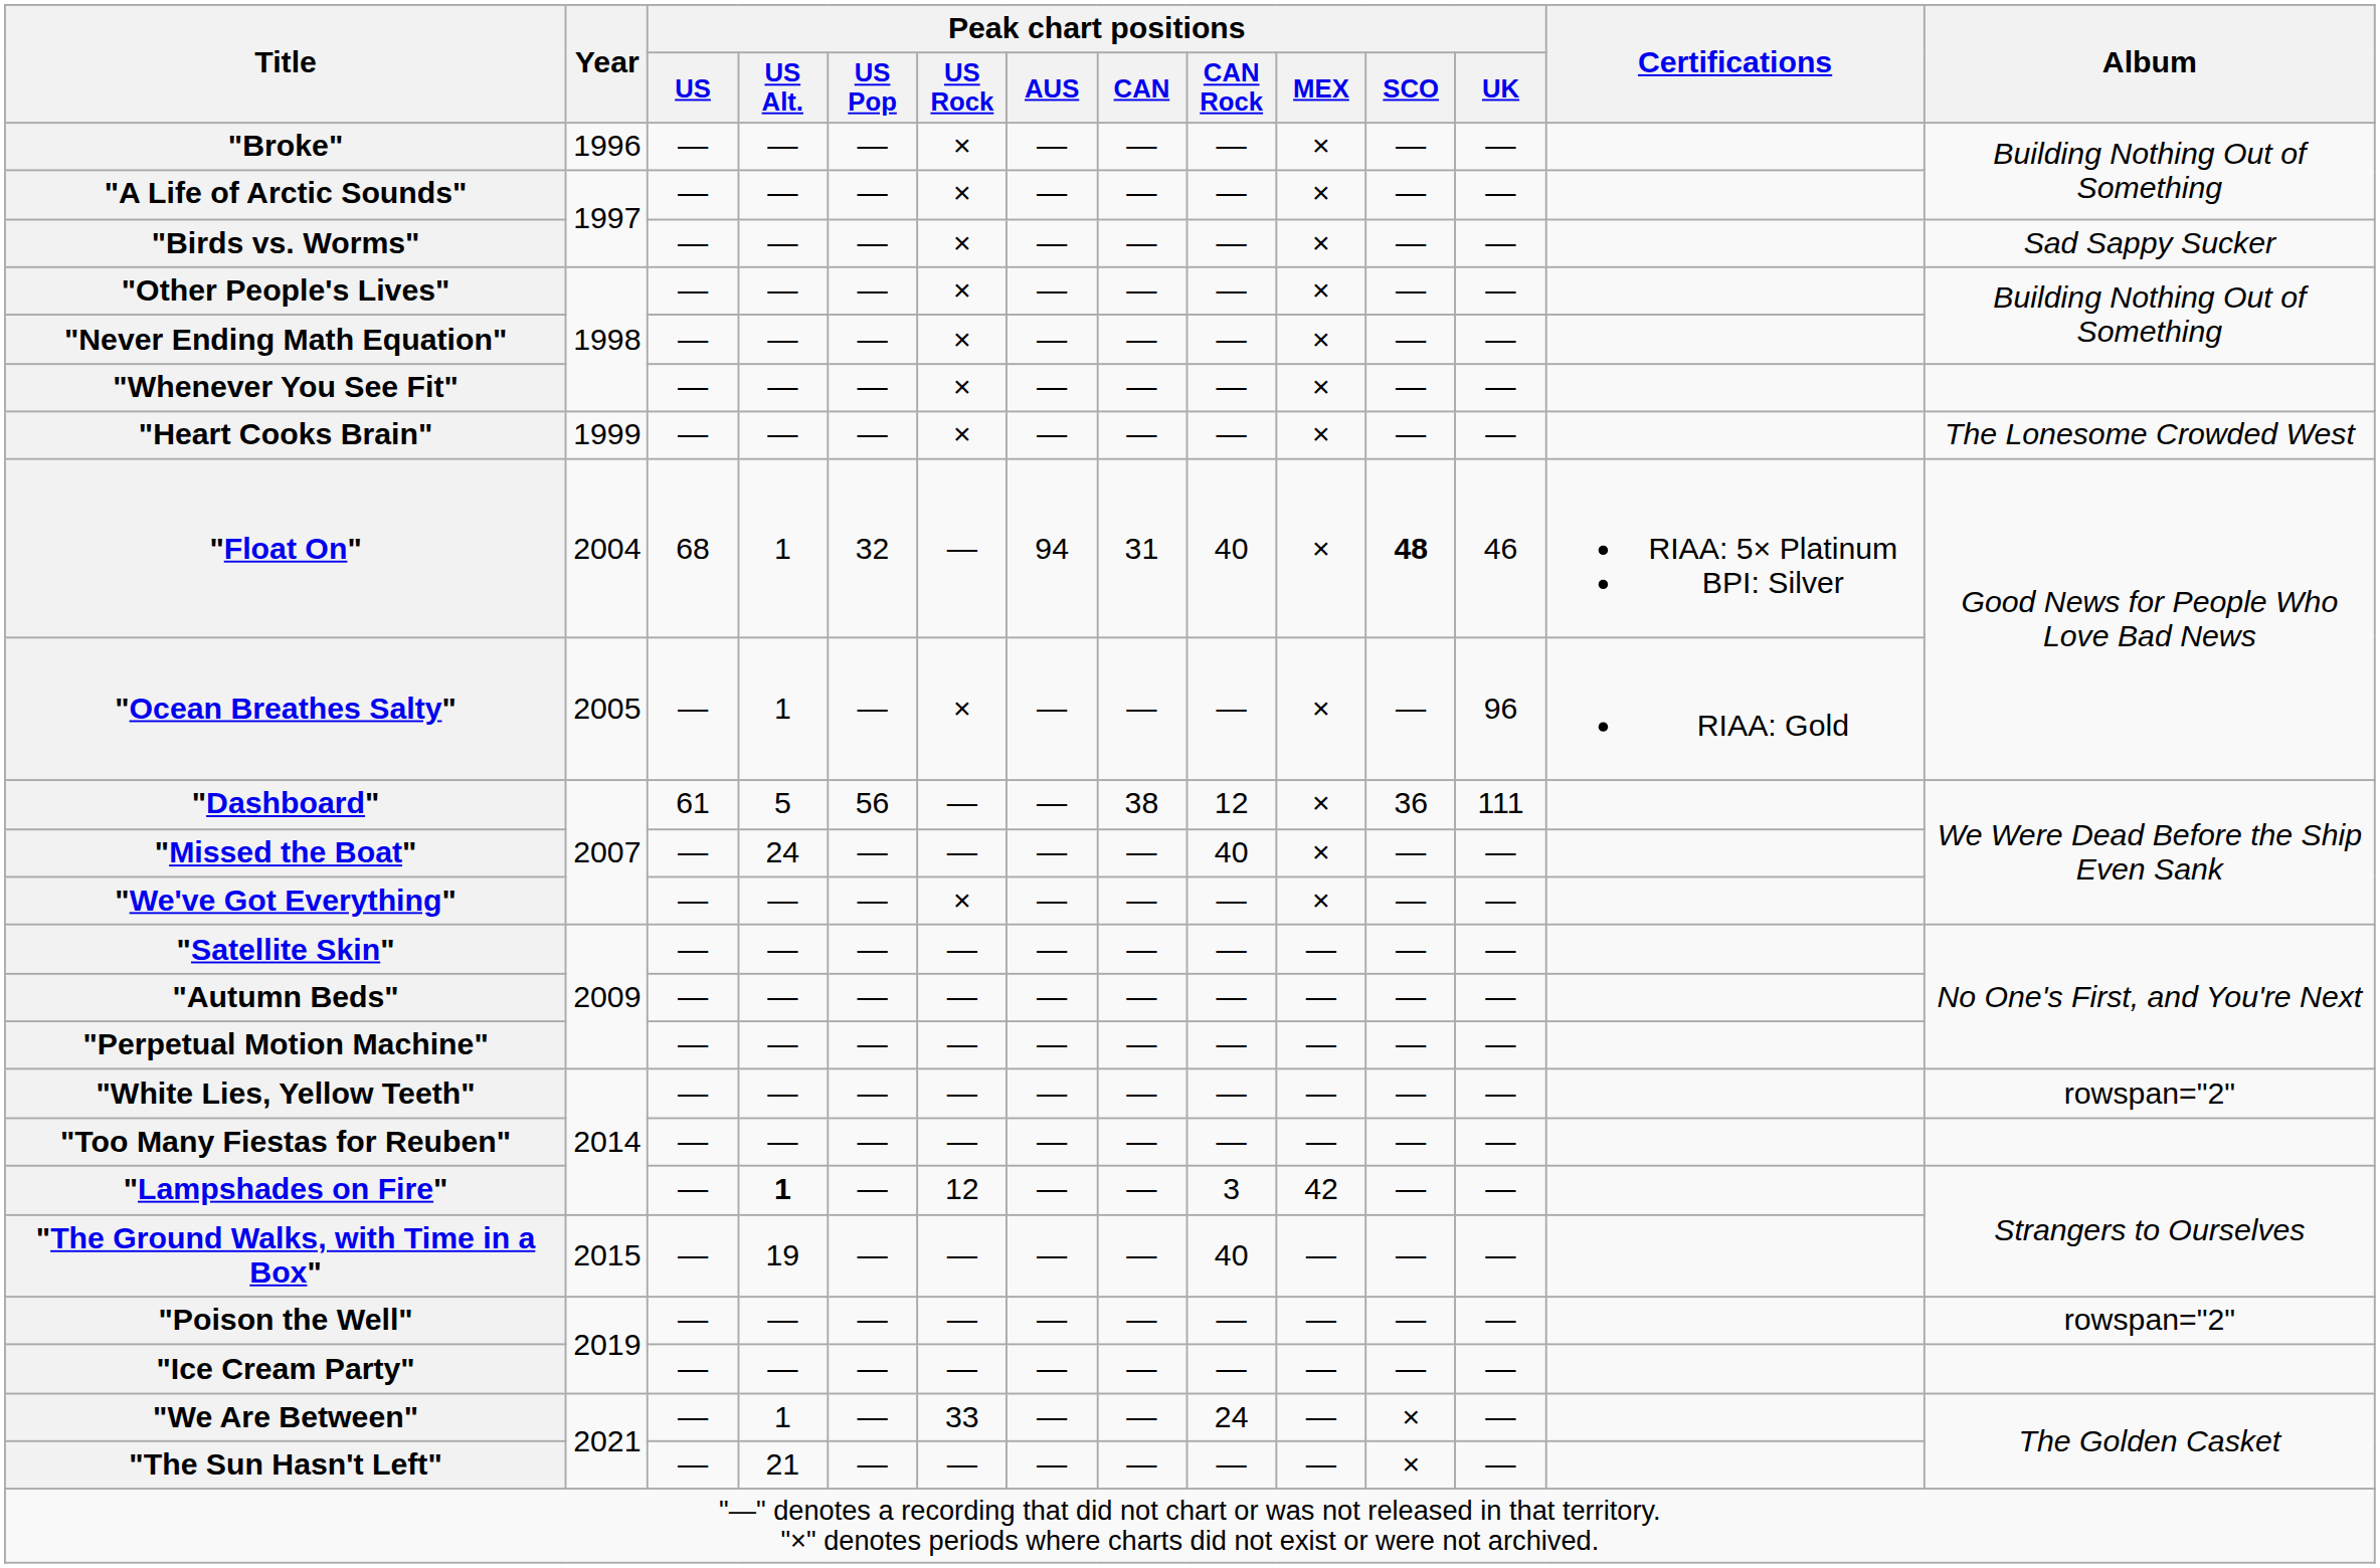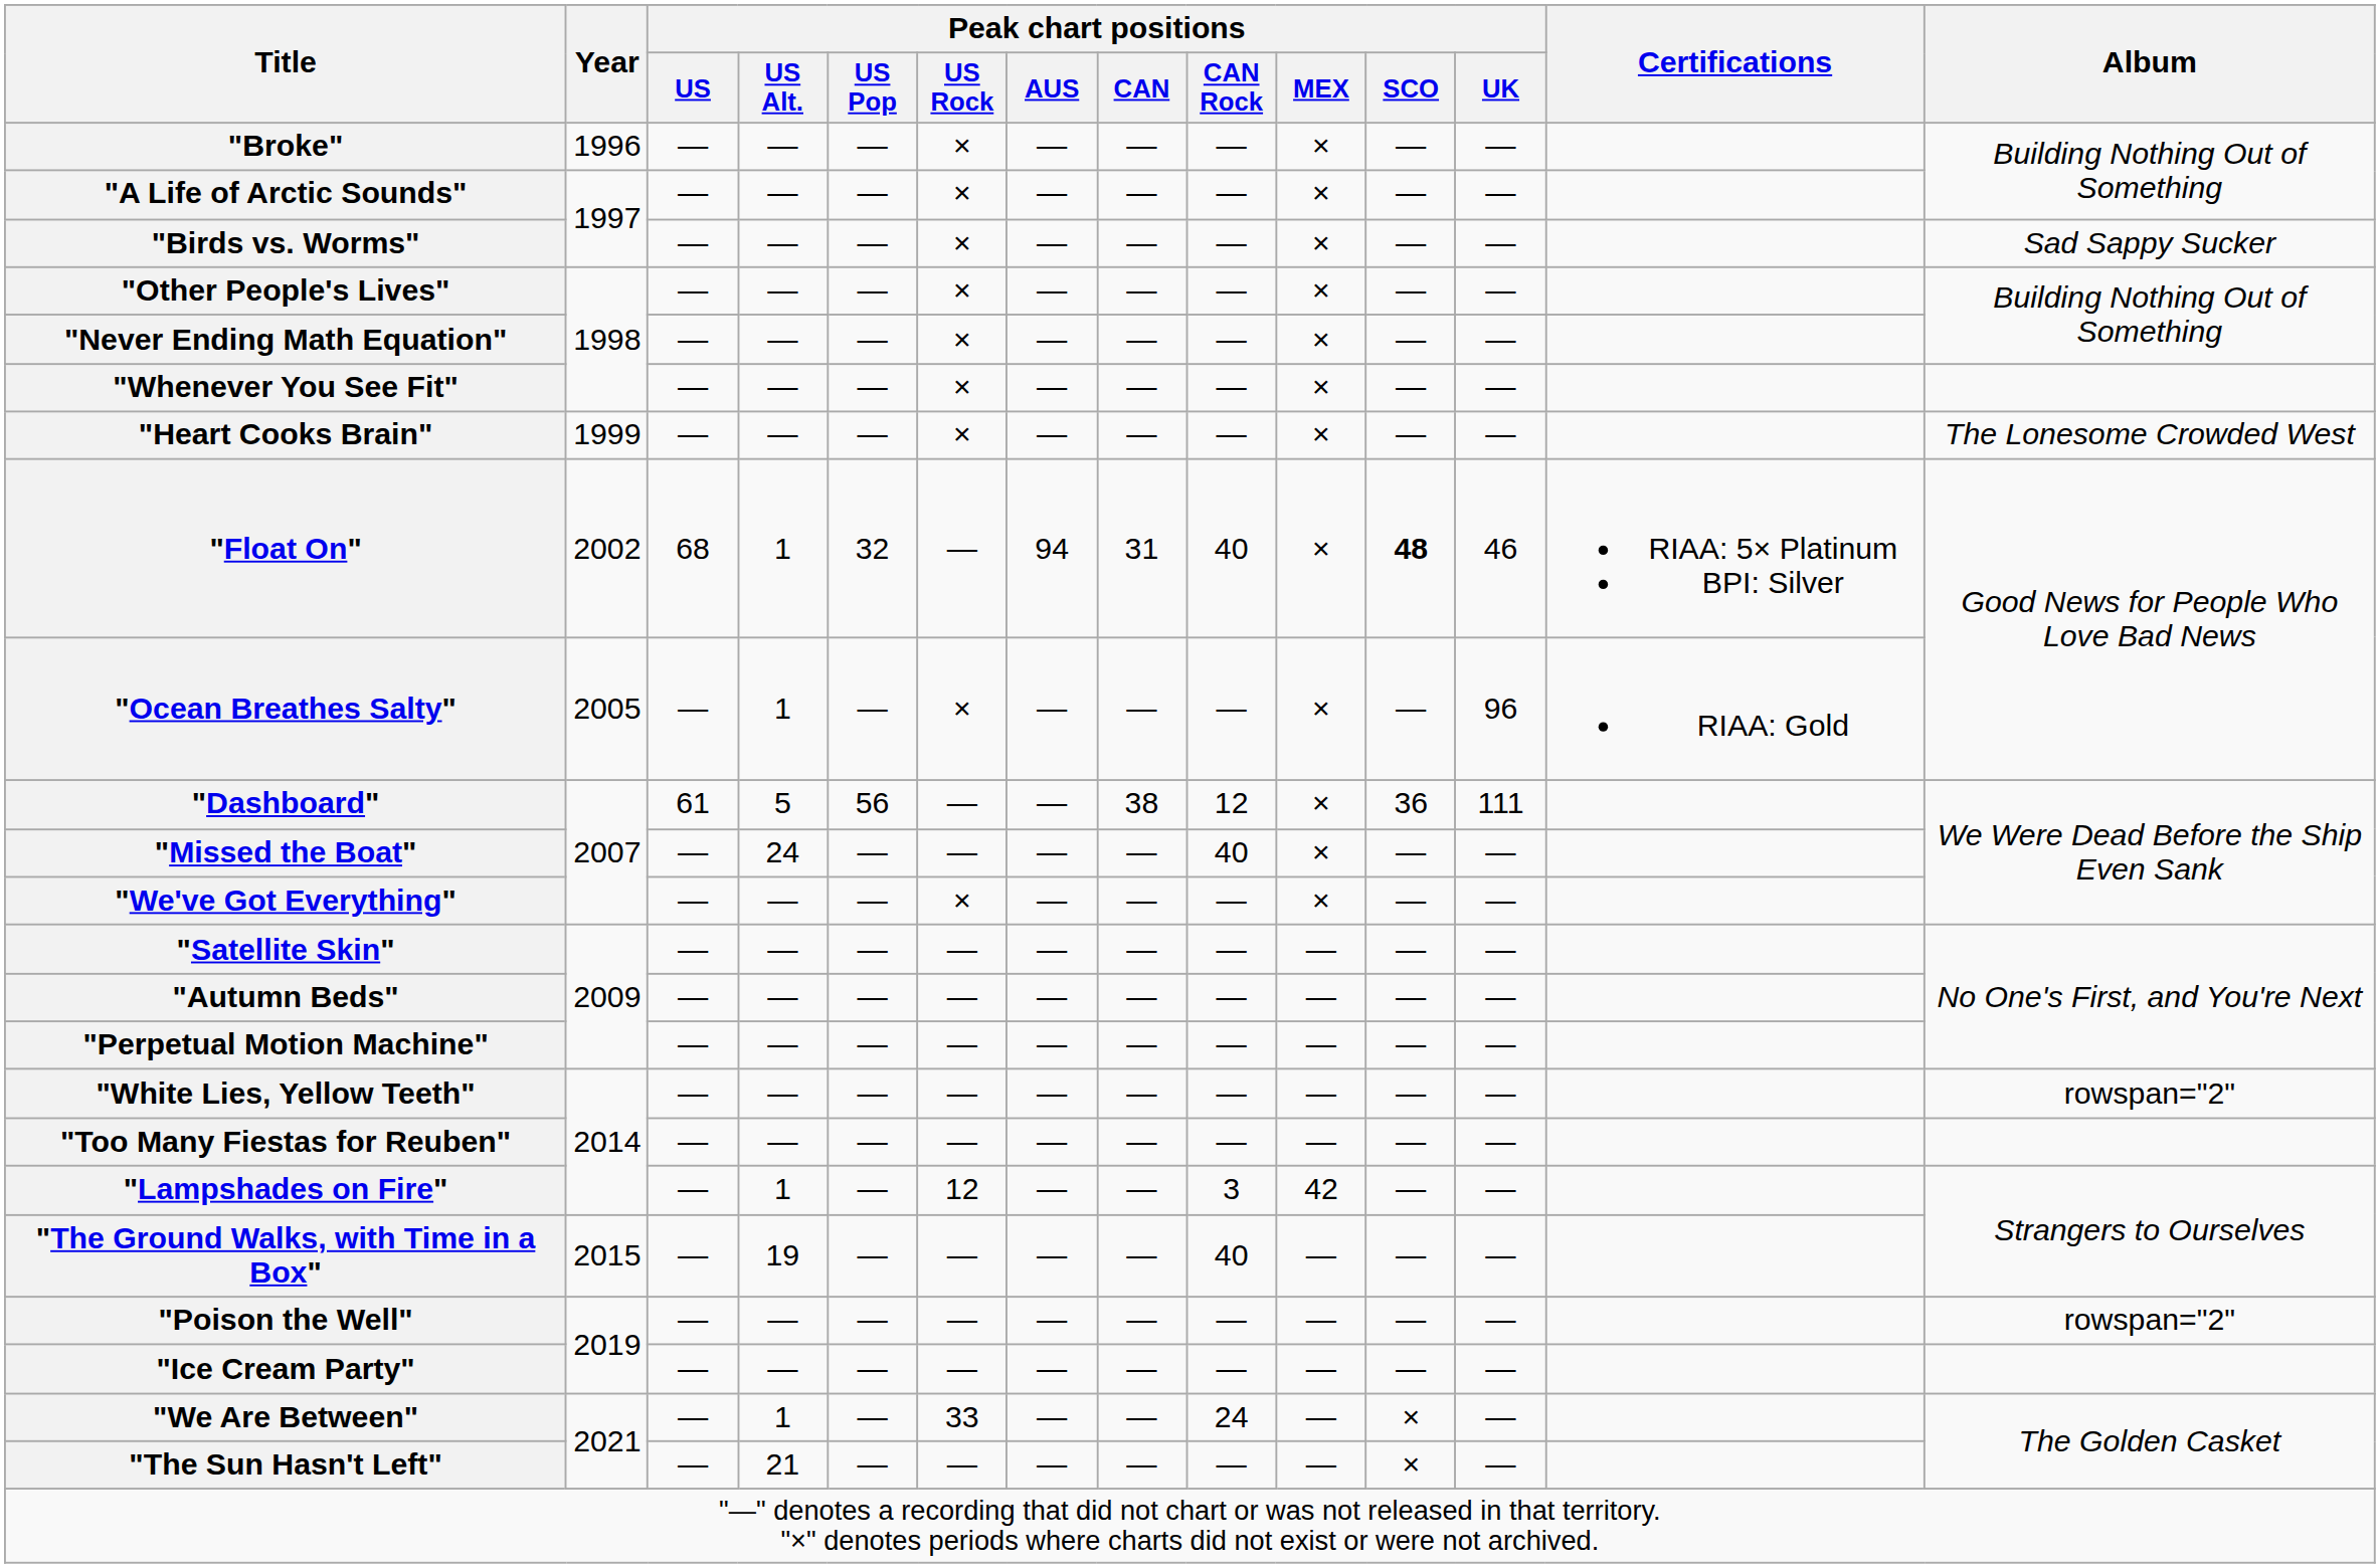 <table class="wikitable plainrowheaders" style="text-align:center;">
 <tr>
 <th scope="col" rowspan="2" style="width:18em;">Title</th>
 <th scope="col" rowspan="2">Year</th>
 <th scope="col" colspan="10">Peak chart positions</th>
 <th scope="col" rowspan="2" style="width:12em;"><a href='#'>Certifications</a></th>
 <th scope="col" rowspan="2">Album</th>
 </tr>
 <tr>
 <th scope="col" style="width:3em;font-size:85%;"><a href='#'>US</a><br></th>
 <th scope="col" style="width:3em;font-size:85%;"><a href='#'>US<br>Alt.</a><br></th>
 <th scope="col" style="width:3em;font-size:85%;"><a href='#'>US<br>Pop</a><br></th>
 <th scope="col" style="width:3em;font-size:85%;"><a href='#'>US<br>Rock</a><br></th>
 <th scope="col" style="width:3em;font-size:85%;"><a href='#'>AUS</a><br></th>
 <th scope="col" style="width:3em;font-size:85%;"><a href='#'>CAN</a><br></th>
 <th scope="col" style="width:3em;font-size:85%;"><a href='#'>CAN<br>Rock</a><br></th>
 <th scope="col" style="width:3em;font-size:85%;"><a href='#'>MEX</a><br></th>
 <th scope="col" style="width:3em;font-size:85%;"><a href='#'>SCO</a><br></th>
 <th scope="col" style="width:3em;font-size:85%;"><a href='#'>UK</a><br></th>
 </tr>
 <tr>
 <th scope="row">"Broke"</th>
 <td>1996</td>
 <td>—</td>
 <td>—</td>
 <td>—</td>
 <td>×</td>
 <td>—</td>
 <td>—</td>
 <td>—</td>
 <td>×</td>
 <td>—</td>
 <td>—</td>
 <td></td>
 <td rowspan="2"><em>Building Nothing Out of Something</em></td>
 </tr>
 <tr>
 <th scope="row">"A Life of Arctic Sounds"</th>
 <td rowspan="2">1997</td>
 <td>—</td>
 <td>—</td>
 <td>—</td>
 <td>×</td>
 <td>—</td>
 <td>—</td>
 <td>—</td>
 <td>×</td>
 <td>—</td>
 <td>—</td>
 <td></td>
 </tr>
 <tr>
 <th scope="row">"Birds vs. Worms"</th>
 <td>—</td>
 <td>—</td>
 <td>—</td>
 <td>×</td>
 <td>—</td>
 <td>—</td>
 <td>—</td>
 <td>×</td>
 <td>—</td>
 <td>—</td>
 <td></td>
 <td><em>Sad Sappy Sucker</em></td>
 </tr>
 <tr>
 <th scope="row">"Other People's Lives"</th>
 <td rowspan="3">1998</td>
 <td>—</td>
 <td>—</td>
 <td>—</td>
 <td>×</td>
 <td>—</td>
 <td>—</td>
 <td>—</td>
 <td>×</td>
 <td>—</td>
 <td>—</td>
 <td></td>
 <td rowspan="2"><em>Building Nothing Out of Something</em></td>
 </tr>
 <tr>
 <th scope="row">"Never Ending Math Equation"</th>
 <td>—</td>
 <td>—</td>
 <td>—</td>
 <td>×</td>
 <td>—</td>
 <td>—</td>
 <td>—</td>
 <td>×</td>
 <td>—</td>
 <td>—</td>
 <td></td>
 </tr>
 <tr>
 <th scope="row">"Whenever You See Fit"<br></th>
 <td>—</td>
 <td>—</td>
 <td>—</td>
 <td>×</td>
 <td>—</td>
 <td>—</td>
 <td>—</td>
 <td>×</td>
 <td>—</td>
 <td>—</td>
 <td></td>
 <td></td>
 </tr>
 <tr>
 <th scope="row">"Heart Cooks Brain"</th>
 <td>1999</td>
 <td>—</td>
 <td>—</td>
 <td>—</td>
 <td>×</td>
 <td>—</td>
 <td>—</td>
 <td>—</td>
 <td>×</td>
 <td>—</td>
 <td>—</td>
 <td></td>
 <td><em>The Lonesome Crowded West</em></td>
 </tr>
 <tr>
 <th scope="row">"<a href='#'>Float On</a>"</th>
-<td>2004</td>
+<td>2002</td>
 <td>68</td>
 <td>1</td>
 <td>32</td>
 <td>—</td>
 <td>94</td>
 <td>31</td>
 <td>40</td>
 <td>×</td>
 <td><strong>48</strong></td>
 <td>46</td>
 <td><br><ul><li>RIAA: 5× Platinum</li><li>BPI: Silver</li></ul></td>
 <td rowspan="2"><em>Good News for People Who Love Bad News</em></td>
 </tr>
 <tr>
 <th scope="row">"<a href='#'>Ocean Breathes Salty</a>"</th>
 <td>2005</td>
 <td>—</td>
 <td>1</td>
 <td>—</td>
 <td>×</td>
 <td>—</td>
 <td>—</td>
 <td>—</td>
 <td>×</td>
 <td>—</td>
 <td>96</td>
 <td><br><ul><li>RIAA: Gold</li></ul></td>
 </tr>
 <tr>
 <th scope="row">"<a href='#'>Dashboard</a>"</th>
 <td rowspan="3">2007</td>
 <td>61</td>
 <td>5</td>
 <td>56</td>
 <td>—</td>
 <td>—</td>
 <td>38</td>
 <td>12</td>
 <td>×</td>
 <td>36</td>
 <td>111</td>
 <td></td>
 <td rowspan="3"><em>We Were Dead Before the Ship Even Sank</em></td>
 </tr>
 <tr>
 <th scope="row">"<a href='#'>Missed the Boat</a>"</th>
 <td>—</td>
 <td>24</td>
 <td>—</td>
 <td>—</td>
 <td>—</td>
 <td>—</td>
 <td>40</td>
 <td>×</td>
 <td>—</td>
 <td>—</td>
 <td></td>
 </tr>
 <tr>
 <th scope="row">"<a href='#'>We've Got Everything</a>"</th>
 <td>—</td>
 <td>—</td>
 <td>—</td>
 <td>×</td>
 <td>—</td>
 <td>—</td>
 <td>—</td>
 <td>×</td>
 <td>—</td>
 <td>—</td>
 <td></td>
 </tr>
 <tr>
 <th scope="row">"<a href='#'>Satellite Skin</a>"</th>
 <td rowspan="3">2009</td>
 <td>—</td>
 <td>—</td>
 <td>—</td>
 <td>—</td>
 <td>—</td>
 <td>—</td>
 <td>—</td>
 <td>—</td>
 <td>—</td>
 <td>—</td>
 <td></td>
 <td rowspan="3"><em>No One's First, and You're Next</em></td>
 </tr>
 <tr>
 <th scope="row">"Autumn Beds"</th>
 <td>—</td>
 <td>—</td>
 <td>—</td>
 <td>—</td>
 <td>—</td>
 <td>—</td>
 <td>—</td>
 <td>—</td>
 <td>—</td>
 <td>—</td>
 <td></td>
 </tr>
 <tr>
 <th scope="row">"Perpetual Motion Machine"</th>
 <td>—</td>
 <td>—</td>
 <td>—</td>
 <td>—</td>
 <td>—</td>
 <td>—</td>
 <td>—</td>
 <td>—</td>
 <td>—</td>
 <td>—</td>
 <td></td>
 </tr>
 <tr>
 <th scope="row">"White Lies, Yellow Teeth"</th>
 <td rowspan="3">2014</td>
 <td>—</td>
 <td>—</td>
 <td>—</td>
 <td>—</td>
 <td>—</td>
 <td>—</td>
 <td>—</td>
 <td>—</td>
 <td>—</td>
 <td>—</td>
 <td></td>
 <td>rowspan="2" </td>
 </tr>
 <tr>
 <th scope="row">"Too Many Fiestas for Reuben"</th>
 <td>—</td>
 <td>—</td>
 <td>—</td>
 <td>—</td>
 <td>—</td>
 <td>—</td>
 <td>—</td>
 <td>—</td>
 <td>—</td>
 <td>—</td>
 <td></td>
 </tr>
 <tr>
 <th scope="row">"<a href='#'>Lampshades on Fire</a>"</th>
 <td align="center">—</td>
-<td><strong>1</strong></td>
+<td>1</td>
 <td>—</td>
 <td>12</td>
 <td>—</td>
 <td>—</td>
 <td>3</td>
 <td>42</td>
 <td>—</td>
 <td>—</td>
 <td></td>
 <td rowspan="2"><em>Strangers to Ourselves</em></td>
 </tr>
 <tr>
 <th scope="row">"<a href='#'>The Ground Walks, with Time in a Box</a>"</th>
 <td>2015</td>
 <td>—</td>
 <td>19</td>
 <td>—</td>
 <td>—</td>
 <td>—</td>
 <td>—</td>
 <td>40</td>
 <td>—</td>
 <td>—</td>
 <td>—</td>
 <td></td>
 </tr>
 <tr>
 <th scope="row">"Poison the Well"</th>
 <td rowspan="2">2019</td>
 <td>—</td>
 <td>—</td>
 <td>—</td>
 <td>—</td>
 <td>—</td>
 <td>—</td>
 <td>—</td>
 <td>—</td>
 <td>—</td>
 <td>—</td>
 <td></td>
 <td>rowspan="2" </td>
 </tr>
 <tr>
 <th scope="row">"Ice Cream Party"</th>
 <td>—</td>
 <td>—</td>
 <td>—</td>
 <td>—</td>
 <td>—</td>
 <td>—</td>
 <td>—</td>
 <td>—</td>
 <td>—</td>
 <td>—</td>
 <td></td>
 </tr>
 <tr>
 <th scope="row">"We Are Between"</th>
 <td rowspan="2">2021</td>
 <td>—</td>
 <td>1</td>
 <td>—</td>
 <td>33</td>
 <td>—</td>
 <td>—</td>
 <td>24</td>
 <td>—</td>
 <td>×</td>
 <td>—</td>
 <td></td>
 <td rowspan="2"><em>The Golden Casket</em></td>
 </tr>
 <tr>
 <th scope="row">"The Sun Hasn't Left"</th>
 <td>—</td>
 <td>21</td>
 <td>—</td>
 <td>—</td>
 <td>—</td>
 <td>—</td>
 <td>—</td>
 <td>—</td>
 <td>×</td>
 <td>—</td>
 <td></td>
 </tr>
 <tr>
 <td colspan="14" style="font-size:90%">"—" denotes a recording that did not chart or was not released in that territory.<br>"×" denotes periods where charts did not exist or were not archived.</td>
 </tr>
 </table>
